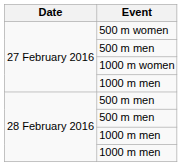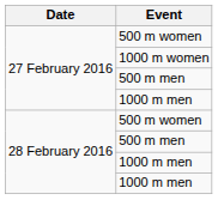 <table class="wikitable" border="1">
 <tr>
 <th>Date</th>
 <th>Event</th>
 </tr>
 <tr>
 <td rowspan=4>27 February 2016</td>
 <td>500 m women</td>
 </tr>
 <tr>
-<td>500 m men</td>
+<td>1000 m women</td>
 </tr>
 <tr>
-<td>1000 m women</td>
+<td>500 m men</td>
 </tr>
 <tr>
 <td>1000 m men</td>
 </tr>
 <tr>
 <td rowspan=4>28 February 2016</td>
-<td>500 m men</td>
+<td>500 m women</td>
 </tr>
 <tr>
 <td>500 m men</td>
 </tr>
 <tr>
 <td>1000 m men</td>
 </tr>
 <tr>
 <td>1000 m men</td>
 </tr>
 </table>
